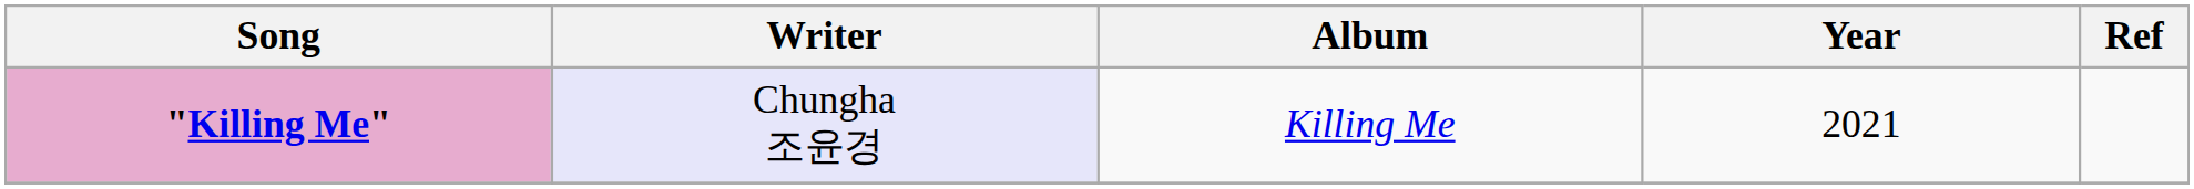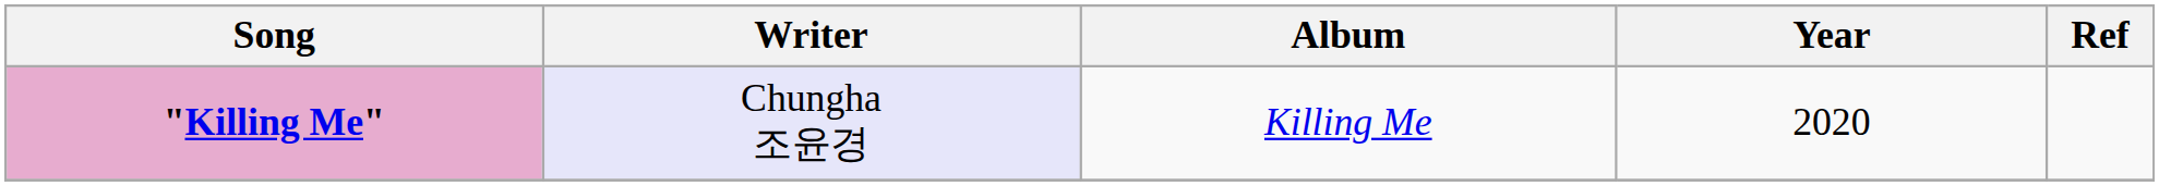 <table class="wikitable" style="text-align:center; width:100%">
 <tr>
 <th style="width:25%">Song</th>
 <th style="width:25%">Writer</th>
 <th style="width:25%">Album</th>
 <th style="width:20%">Year</th>
 <th style="width:5%">Ref</th>
 </tr>
 <tr>
 <th scope="row" style="background-color:#E7ACCF">"<a href='#'>Killing Me</a>" </th>
 <td style="background: lavender;">Chungha<br>조윤경</td>
 <td><em><a href='#'>Killing Me</a></em></td>
-<td>2021</td>
+<td>2020</td>
 <td></td>
 </tr>
 <tr>
 </tr>
 </table>
